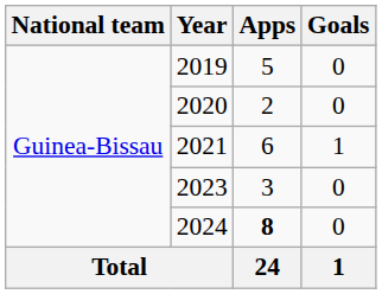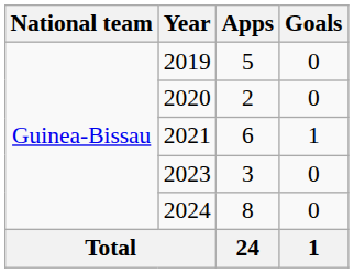 <table class="wikitable" style="text-align:center">
 <tr>
 <th>National team</th>
 <th>Year</th>
 <th>Apps</th>
 <th>Goals</th>
 </tr>
 <tr>
 <td rowspan="5"><a href='#'>Guinea-Bissau</a></td>
 <td>2019</td>
 <td>5</td>
 <td>0</td>
 </tr>
 <tr>
 <td>2020</td>
 <td>2</td>
 <td>0</td>
 </tr>
 <tr>
 <td>2021</td>
 <td>6</td>
 <td>1</td>
 </tr>
 <tr>
 <td>2023</td>
 <td>3</td>
 <td>0</td>
 </tr>
 <tr>
 <td>2024</td>
-<td><strong>8</strong></td>
+<td>8</td>
 <td>0</td>
 </tr>
 <tr>
 <th colspan="2">Total</th>
 <th>24</th>
 <th>1</th>
 </tr>
 </table>
